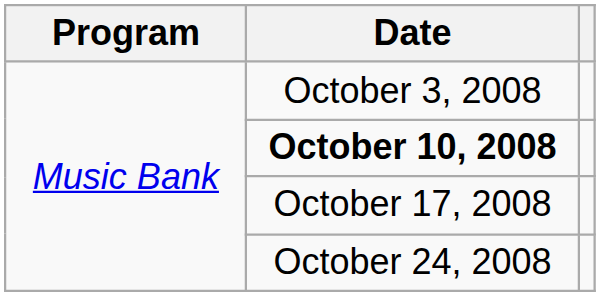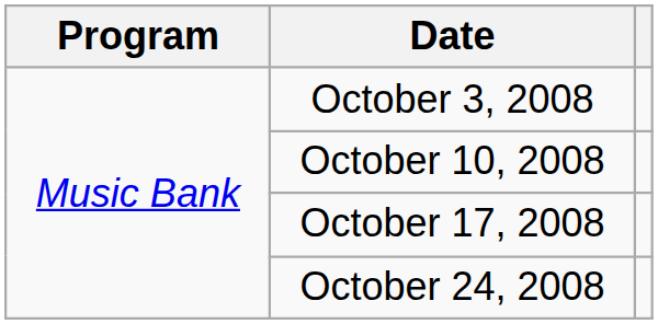 <table class="wikitable" style="text-align:center">
 <tr>
 <th width="100">Program</th>
 <th width="140">Date</th>
 <th></th>
 </tr>
 <tr>
 <td rowspan="4"><em><a href='#'>Music Bank</a></em></td>
 <td>October 3, 2008</td>
 <td></td>
 </tr>
 <tr>
-<td><strong>October 10, 2008</strong></td>
+<td>October 10, 2008</td>
 <td></td>
 </tr>
 <tr>
 <td>October 17, 2008</td>
 <td></td>
 </tr>
 <tr>
 <td>October 24, 2008</td>
 <td></td>
 </tr>
 </table>
